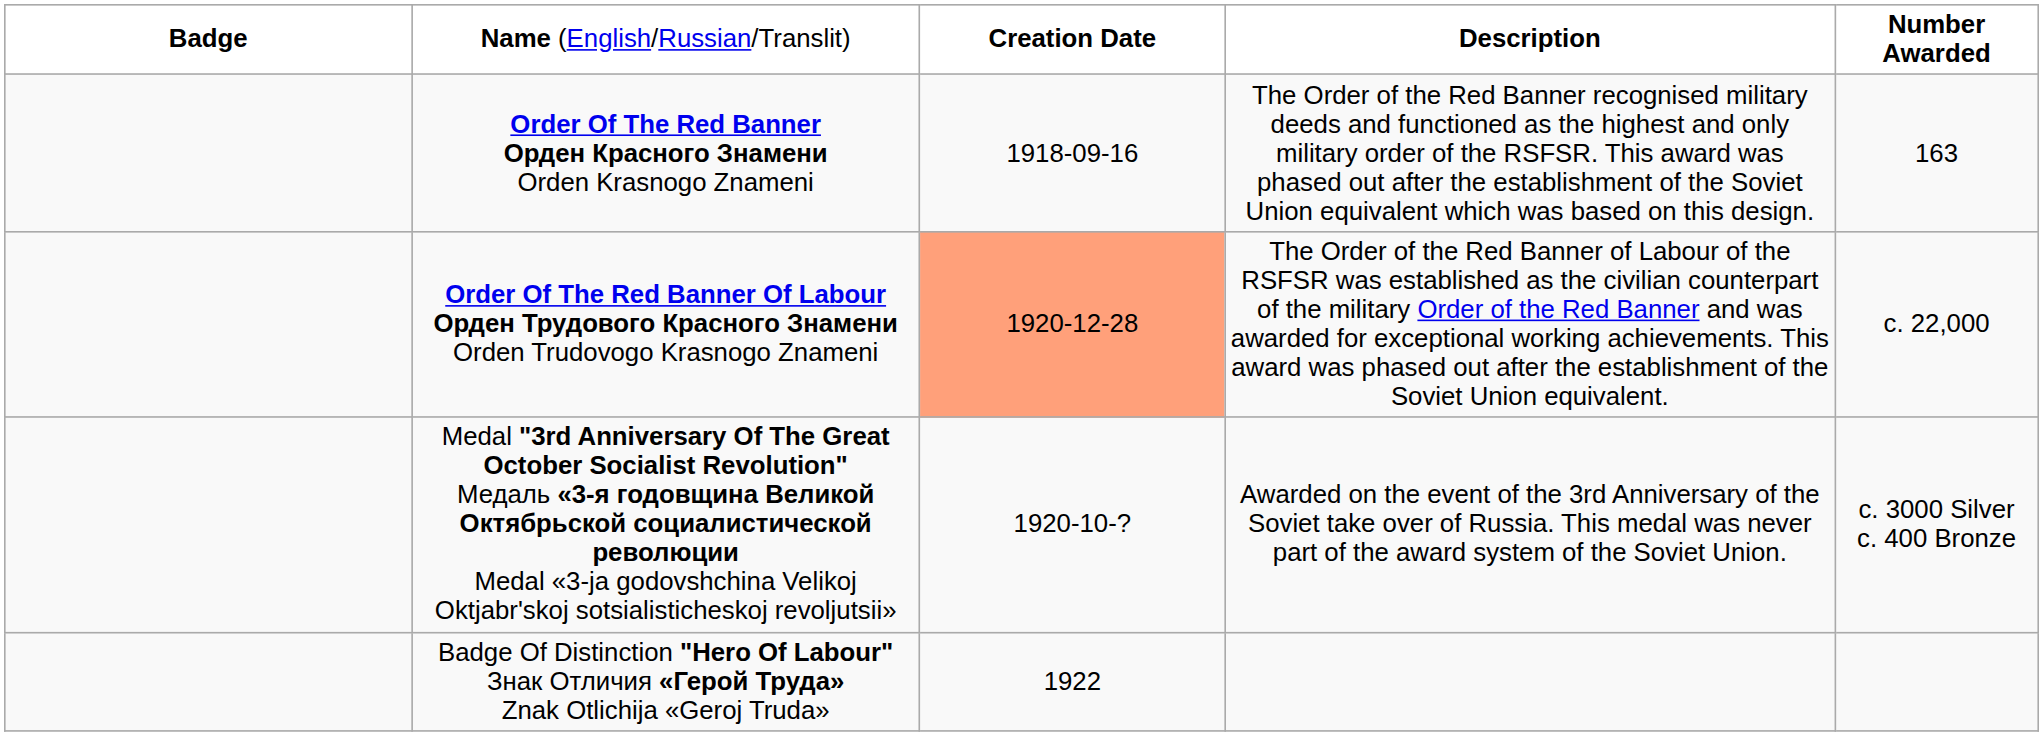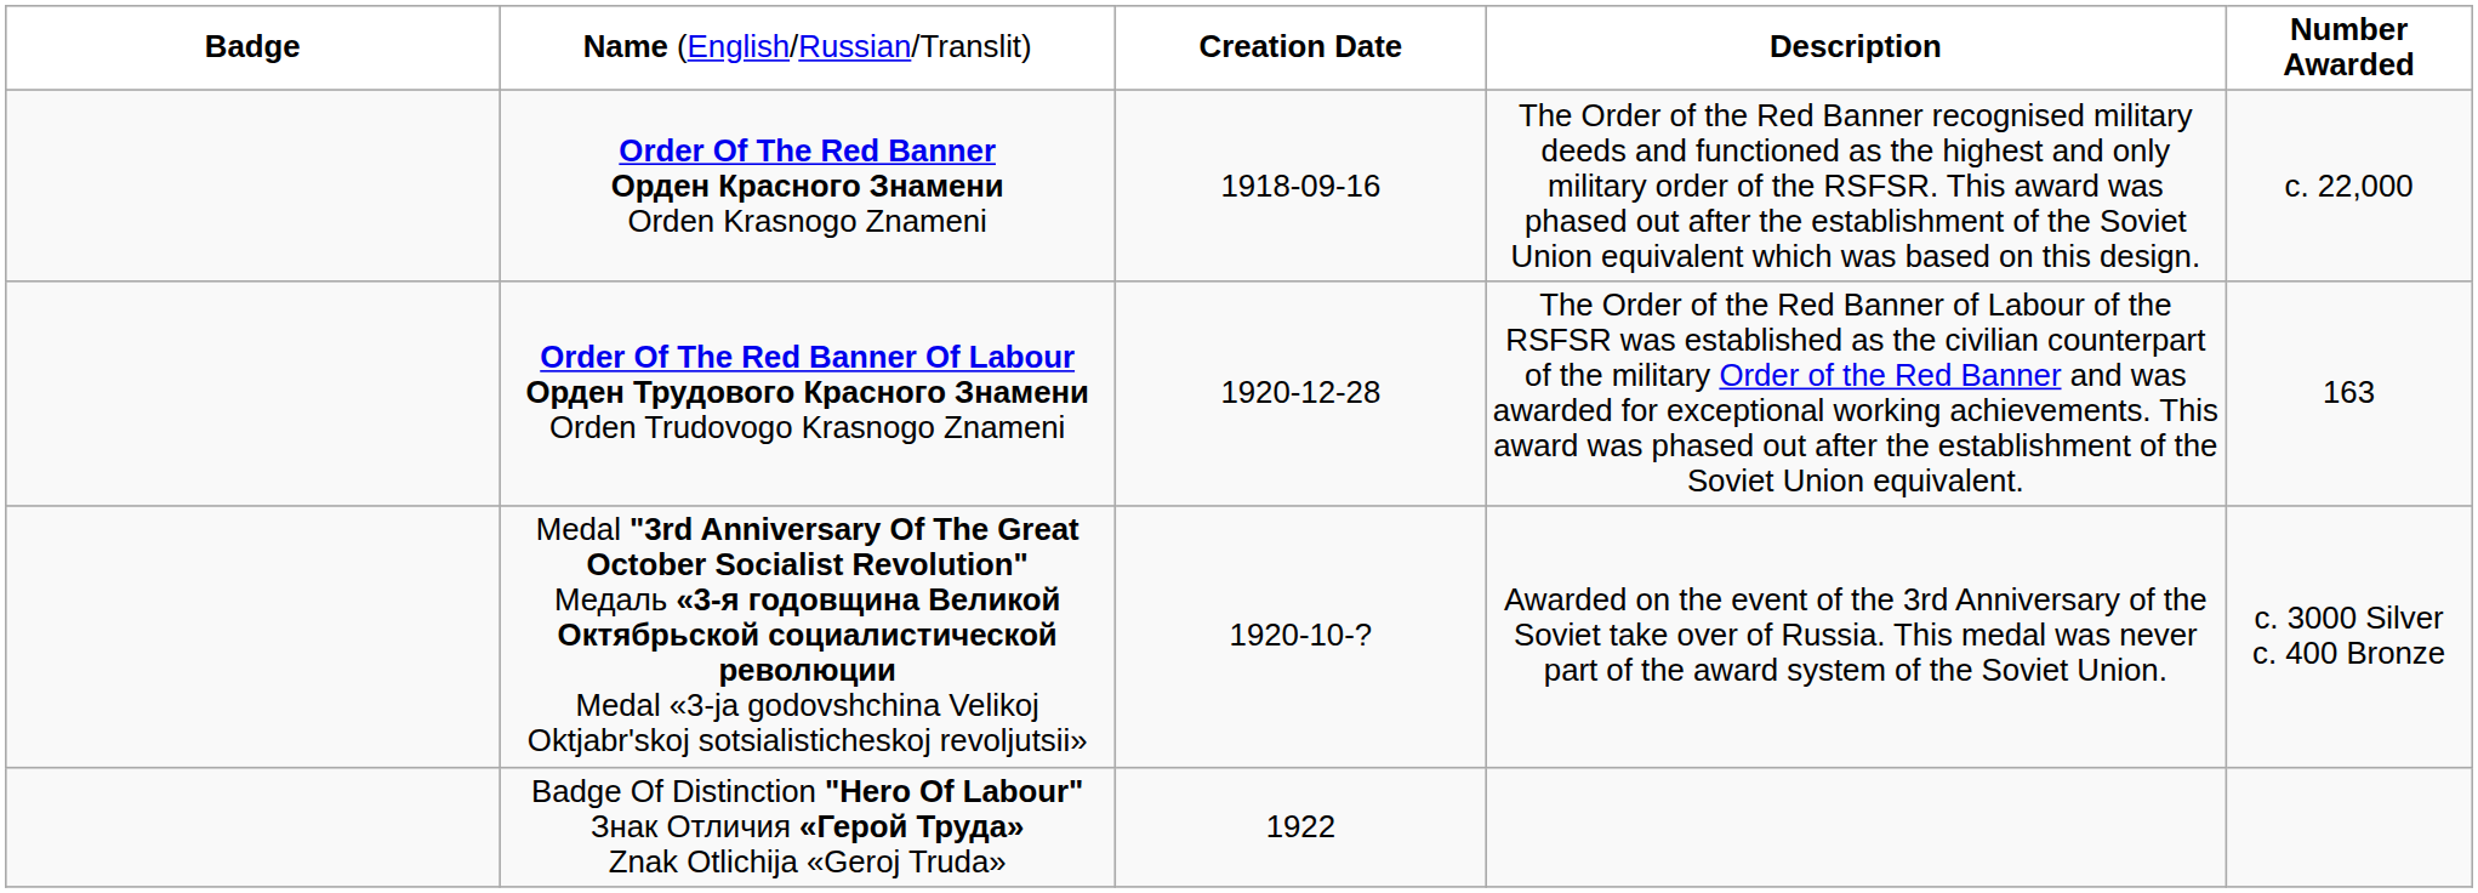 <table class="wikitable" width="100%" style="text-align:center;">
 <tr>
 <td width="20%" bgcolor="#FFFFFF"><strong>Badge</strong></td>
 <td width="25%" bgcolor="#FFFFFF"><strong>Name</strong> (<a href='#'>English</a>/<a href='#'>Russian</a>/Translit)</td>
 <td width="15%" bgcolor="#FFFFFF"><strong>Creation Date</strong></td>
 <td width="30%" bgcolor="#FFFFFF"><strong>Description</strong></td>
 <td width="10%" bgcolor="#FFFFFF"><strong>Number Awarded</strong></td>
 </tr>
 <tr>
 <td><br></td>
 <td><strong><a href='#'>Order Of The Red Banner</a></strong><br><strong>Орден Крaсного Знамени</strong><br>Orden Krasnogo Znameni</td>
 <td>1918-09-16</td>
 <td>The Order of the Red Banner recognised military deeds and functioned as the highest and only military order of the RSFSR. This award was phased out after the establishment of the Soviet Union equivalent which was based on this design.</td>
-<td>163</td>
+<td>c. 22,000</td>
 </tr>
 <tr>
 <td></td>
 <td><strong><a href='#'>Order Of The Red Banner Of Labour</a></strong><br><strong>Орден Трудового Красного Знамени</strong><br>Orden Trudovogo Krasnogo Znameni</td>
-<td style="background: lightsalmon;">1920-12-28</td>
+<td>1920-12-28</td>
 <td>The Order of the Red Banner of Labour of the RSFSR was established as the civilian counterpart of the military <a href='#'>Order of the Red Banner</a> and was awarded for exceptional working achievements. This award was phased out after the establishment of the Soviet Union equivalent.</td>
-<td>c. 22,000</td>
+<td>163</td>
 </tr>
 <tr>
 <td></td>
 <td>Medal <strong>"3rd Anniversary Of The Great October Socialist Revolution"</strong><br>Медаль <strong>«3-я годовщина Великой Октябрьской социалистической революции</strong><br>Medal «3-ja godovshchina Velikoj Oktjabr'skoj sotsialisticheskoj revoljutsii»</td>
 <td>1920-10-?</td>
 <td>Awarded on the event of the 3rd Anniversary of the Soviet take over of Russia. This medal was never part of the award system of the Soviet Union.</td>
 <td>c. 3000 Silver<br>c. 400 Bronze</td>
 </tr>
 <tr>
 <td></td>
 <td>Badge Of Distinction <strong>"Hero Of Labour"</strong><br>Знак Отличия <strong>«Герой Труда»</strong><br>Znak Otlichija «Geroj Truda»</td>
 <td>1922</td>
 <td></td>
 <td></td>
 </tr>
 </table>
